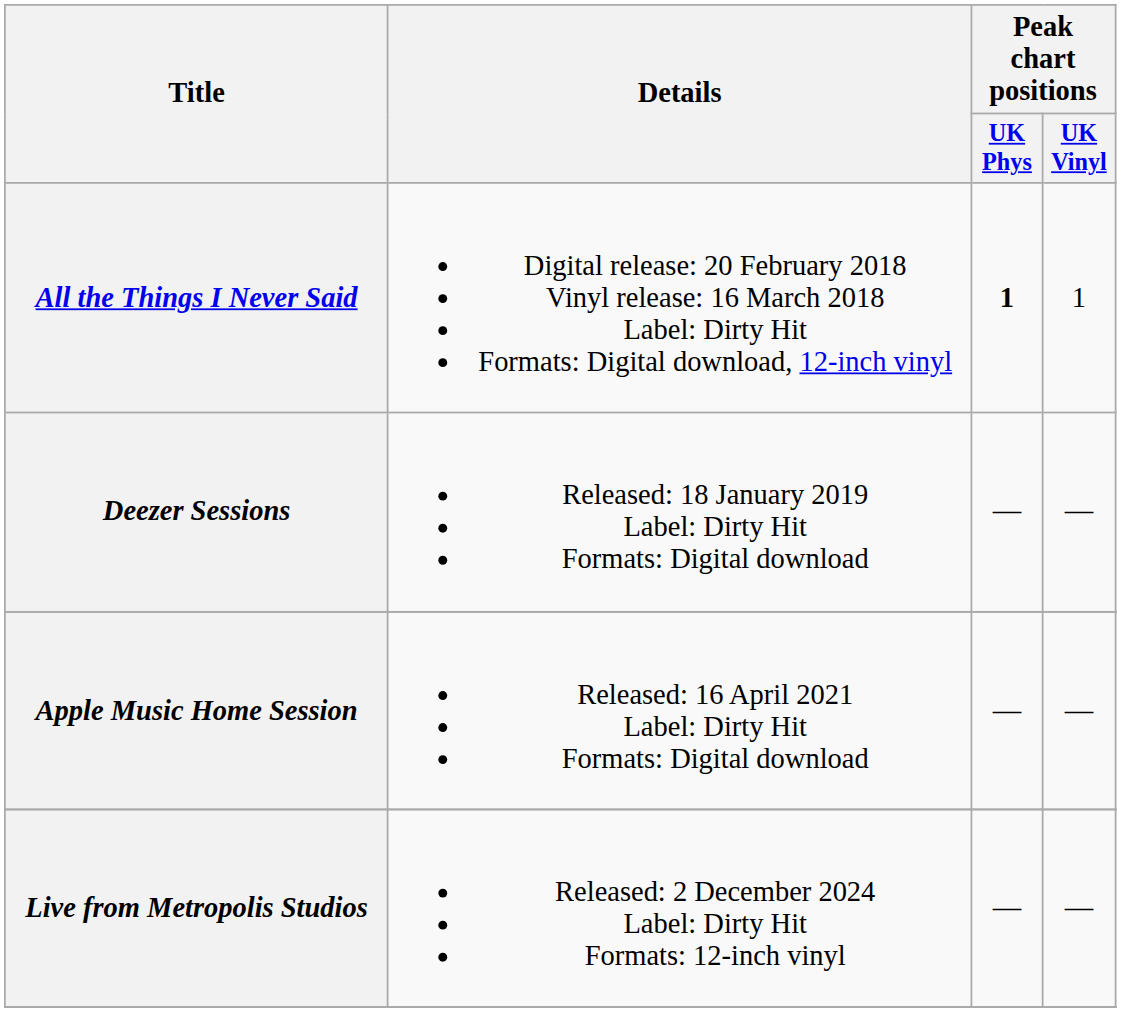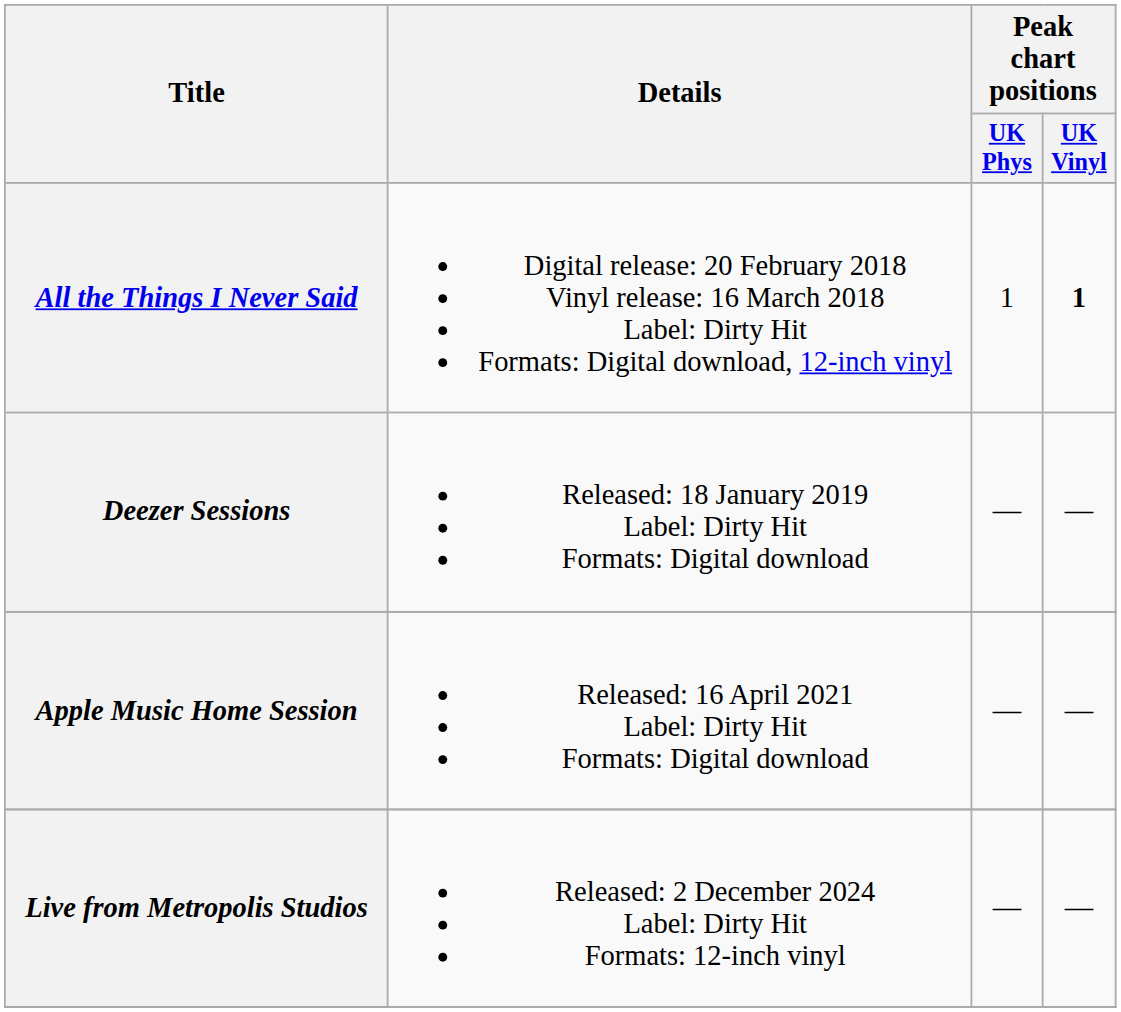 <table class="wikitable plainrowheaders" style="text-align:center;">
 <tr>
 <th scope="col" rowspan="2" style="width:13em;">Title</th>
 <th scope="col" rowspan="2" style="width:20em;">Details</th>
 <th scope="col" colspan="2">Peak chart positions</th>
 </tr>
 <tr>
 <th scope="col" style="width:2.5em;font-size:85%;"><a href='#'>UK<br>Phys</a><br></th>
 <th scope="col" style="width:2.5em;font-size:85%;"><a href='#'>UK<br>Vinyl</a><br></th>
 </tr>
 <tr>
 <th scope="row"><em><a href='#'>All the Things I Never Said</a></em></th>
 <td><br><ul><li>Digital release: 20 February 2018</li><li>Vinyl release: 16 March 2018</li><li>Label: Dirty Hit</li><li>Formats: Digital download, <a href='#'>12-inch vinyl</a></li></ul></td>
+<td>1</td>
 <td><strong>1</strong></td>
-<td>1</td>
 </tr>
 <tr>
 <th scope="row"><em>Deezer Sessions</em></th>
 <td><br><ul><li>Released: 18 January 2019</li><li>Label: Dirty Hit</li><li>Formats: Digital download</li></ul></td>
 <td>—</td>
 <td>—</td>
 </tr>
 <tr>
 </tr>
 <tr>
 <th scope="row"><em>Apple Music Home Session</em></th>
 <td><br><ul><li>Released: 16 April 2021</li><li>Label: Dirty Hit</li><li>Formats: Digital download</li></ul></td>
 <td>—</td>
 <td>—</td>
 </tr>
 <tr>
 </tr>
 <tr>
 <th scope="row"><em>Live from Metropolis Studios</em></th>
 <td><br><ul><li>Released: 2 December 2024</li><li>Label: Dirty Hit</li><li>Formats: 12-inch vinyl</li></ul></td>
 <td>—</td>
 <td>—</td>
 </tr>
 <tr>
 </tr>
 </table>
